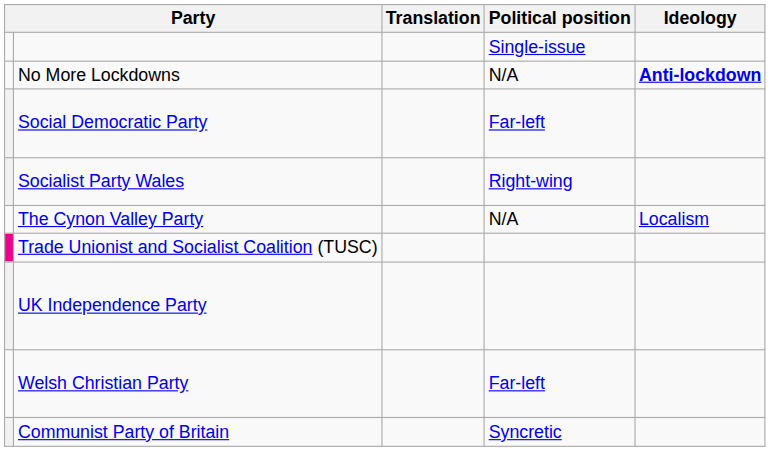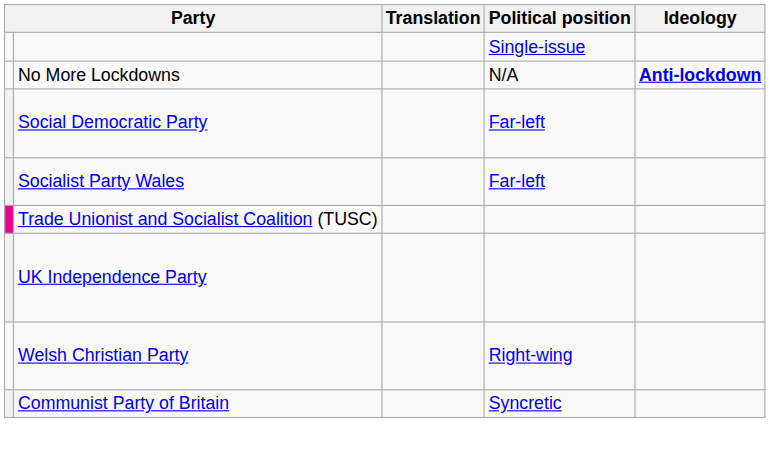 <table class="wikitable">
 <tr>
 <th colspan="2">Party</th>
 <th>Translation</th>
 <th>Political position</th>
 <th>Ideology</th>
 </tr>
 <tr>
 <td style="background-color: "></td>
 <td></td>
 <td><em></em></td>
 <td><a href='#'>Single-issue</a></td>
 <td><br></td>
 </tr>
 <tr>
 <td style="background-color: "></td>
 <td>No More Lockdowns</td>
 <td></td>
 <td>N/A</td>
 <td><strong><a href='#'>Anti-lockdown</a></strong></td>
 </tr>
 <tr>
 <th style="background-color: "></th>
 <td><a href='#'>Social Democratic Party</a></td>
 <td></td>
 <td><a href='#'>Far-left</a></td>
 <td><br><br><br></td>
 </tr>
 <tr>
 <th style="background-color: "></th>
 <td><a href='#'>Socialist Party Wales</a></td>
 <td></td>
-<td><a href='#'>Right-wing</a></td>
+<td><a href='#'>Far-left</a></td>
 <td><br><br></td>
-</tr>
-<tr>
-<td style="background-color: "></td>
-<td><a href='#'>The Cynon Valley Party</a></td>
-<td><em></em></td>
-<td>N/A</td>
-<td><a href='#'>Localism</a></td>
 </tr>
 <tr>
 <td style="background-color: #EC008C; width: 1px" !></td>
 <td><a href='#'>Trade Unionist and Socialist Coalition</a> (TUSC)</td>
 <td></td>
 <td></td>
 <td><br></td>
 </tr>
 <tr>
 <th style="background-color: "></th>
 <td><a href='#'>UK Independence Party</a></td>
 <td></td>
 <td></td>
 <td><br><br><br><br></td>
 </tr>
 <tr>
 <td style="background-color: "></td>
 <td><a href='#'>Welsh Christian Party</a></td>
 <td></td>
-<td><a href='#'>Far-left</a></td>
+<td><a href='#'>Right-wing</a></td>
 <td><br><br><br></td>
 </tr>
 <tr>
 <th style="background-color: "></th>
 <td><a href='#'>Communist Party of Britain</a></td>
 <td></td>
 <td><a href='#'>Syncretic</a></td>
 <td><br></td>
 </tr>
 </table>
